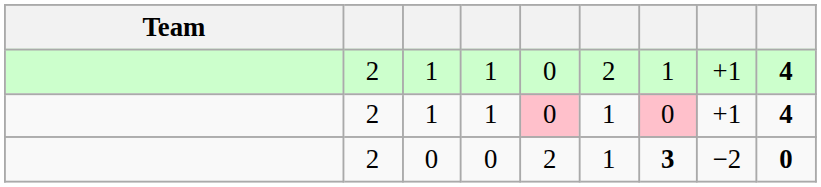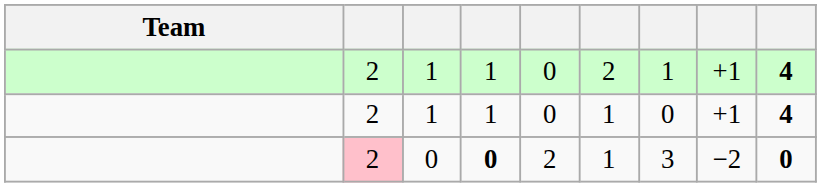 <table class="wikitable" style="text-align: center; font-size: 90%;">
 <tr>
 <th width=175>Team</th>
 <th width=25></th>
 <th width=25></th>
 <th width=25></th>
 <th width=25></th>
 <th width=25></th>
 <th width=25></th>
 <th width=25></th>
 <th width=25></th>
 </tr>
 <tr bgcolor=#ccffcc>
 <td align=left></td>
 <td>2</td>
 <td>1</td>
 <td>1</td>
 <td>0</td>
 <td>2</td>
 <td>1</td>
 <td>+1</td>
 <td><strong>4</strong></td>
 </tr>
 <tr>
 <td align=left></td>
 <td>2</td>
 <td>1</td>
 <td>1</td>
-<td style="background: pink;">0</td>
+<td>0</td>
 <td>1</td>
-<td style="background: pink;">0</td>
+<td>0</td>
 <td>+1</td>
 <td><strong>4</strong></td>
 </tr>
 <tr>
 <td align=left></td>
-<td>2</td>
+<td style="background: pink;">2</td>
 <td>0</td>
-<td>0</td>
+<td><strong>0</strong></td>
 <td>2</td>
 <td>1</td>
-<td><strong>3</strong></td>
+<td>3</td>
 <td>−2</td>
 <td><strong>0</strong></td>
 </tr>
 </table>
